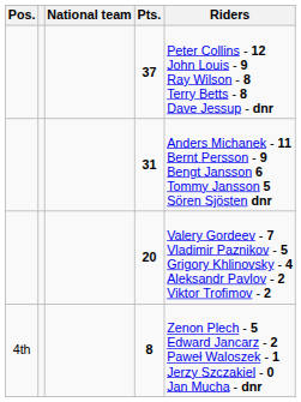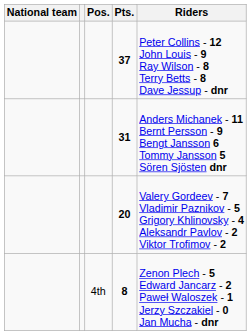 <table class=wikitable style="font-size:100%;">
 <tr>
+<th>National team</th>
+<th></th>
 <th>Pos.</th>
-<th></th>
-<th>National team</th>
 <th>Pts.</th>
 <th>Riders</th>
 </tr>
 <tr align=center >
+<td align=left></td>
 <td></td>
 <td></td>
-<td align=left></td>
 <td><strong>37</strong></td>
 <td align=left><br><a href='#'>Peter Collins</a> - <strong>12</strong><br> <a href='#'>John Louis</a> - <strong>9</strong><br> <a href='#'>Ray Wilson</a> - <strong>8</strong><br> <a href='#'>Terry Betts</a> - <strong>8</strong><br> <a href='#'>Dave Jessup</a> - <strong>dnr</strong></td>
 </tr>
 <tr align=center >
+<td align=left></td>
 <td></td>
 <td></td>
-<td align=left></td>
 <td><strong>31</strong></td>
 <td align=left><br><a href='#'>Anders Michanek</a> - <strong>11</strong><br> <a href='#'>Bernt Persson</a> - <strong>9</strong><br> <a href='#'>Bengt Jansson</a> <strong>6</strong><br> <a href='#'>Tommy Jansson</a> <strong>5</strong><br> <a href='#'>Sören Sjösten</a> <strong>dnr</strong></td>
 </tr>
 <tr align=center >
+<td align=left></td>
 <td></td>
 <td></td>
-<td align=left></td>
 <td><strong>20</strong></td>
 <td align=left><br><a href='#'>Valery Gordeev</a> - <strong>7</strong><br> <a href='#'>Vladimir Paznikov</a> - <strong>5</strong><br> <a href='#'>Grigory Khlinovsky</a> - <strong>4</strong><br> <a href='#'>Aleksandr Pavlov</a> - <strong>2</strong><br> <a href='#'>Viktor Trofimov</a> - <strong>2</strong></td>
 </tr>
 <tr align=center >
+<td align=left></td>
+<td></td>
 <td>4th</td>
-<td></td>
-<td align=left></td>
 <td><strong>8</strong></td>
 <td align=left><br><a href='#'>Zenon Plech</a> - <strong>5</strong><br> <a href='#'>Edward Jancarz</a> - <strong>2</strong><br> <a href='#'>Paweł Waloszek</a> - <strong>1</strong><br> <a href='#'>Jerzy Szczakiel</a> - <strong>0</strong><br> <a href='#'>Jan Mucha</a> - <strong>dnr</strong></td>
 </tr>
 </table>
